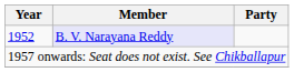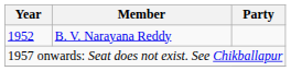 <table class="wikitable sortable">
 <tr>
 <th>Year</th>
 <th>Member</th>
 <th colspan="2">Party</th>
 </tr>
 <tr>
 <td><a href='#'>1952</a></td>
-<td style="background: lavender;"><a href='#'>B. V. Narayana Reddy</a></td>
+<td><a href='#'>B. V. Narayana Reddy</a></td>
 <td></td>
 </tr>
 <tr>
 <td colspan="5" align="center">1957 onwards: <em>Seat does not exist. See <a href='#'>Chikballapur</a></em></td>
 </tr>
 <tr>
 </tr>
 </table>
